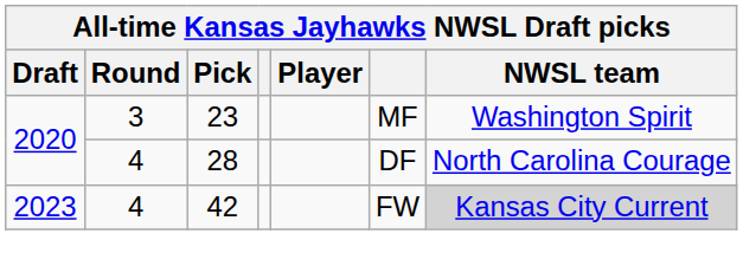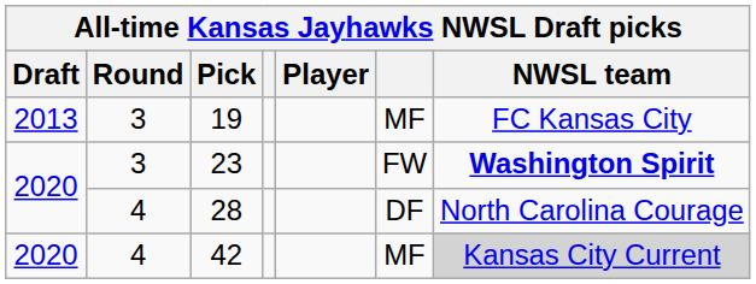 <table class="wikitable sortable" style="text-align: center;">
 <tr>
 <th colspan="7" style="background:#">All-time <a href='#'><span>Kansas Jayhawks</span></a> NWSL Draft picks</th>
 </tr>
 <tr>
 <th scope="col">Draft</th>
 <th scope="col">Round</th>
 <th scope="col">Pick</th>
 <th scope="col"></th>
 <th scope="col">Player</th>
 <th scope="col"></th>
 <th scope="col">NWSL team</th>
 </tr>
 <tr>
+<td><a href='#'>2013</a></td>
+<td>3</td>
+<td>19</td>
+<td></td>
+<td></td>
+<td>MF</td>
+<td><a href='#'>FC Kansas City</a></td>
+</tr>
+<tr>
 <td rowspan="2"><a href='#'>2020</a></td>
 <td>3</td>
 <td>23</td>
 <td></td>
 <td></td>
-<td>MF</td>
-<td><a href='#'>Washington Spirit</a></td>
+<td>FW</td>
+<td><strong><a href='#'>Washington Spirit</a></strong></td>
 </tr>
 <tr>
 <td>4</td>
 <td>28</td>
 <td></td>
 <td></td>
 <td>DF</td>
 <td><a href='#'>North Carolina Courage</a></td>
 </tr>
 <tr>
-<td><a href='#'>2023</a></td>
+<td><a href='#'>2020</a></td>
 <td>4</td>
 <td>42</td>
 <td></td>
 <td></td>
-<td>FW</td>
+<td>MF</td>
 <td style="background: lightgrey;"><a href='#'>Kansas City Current</a></td>
 </tr>
 </table>
